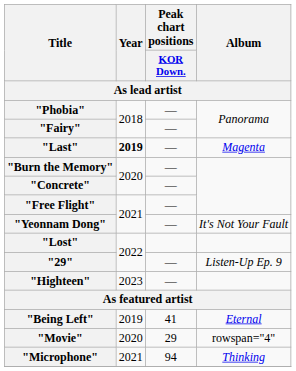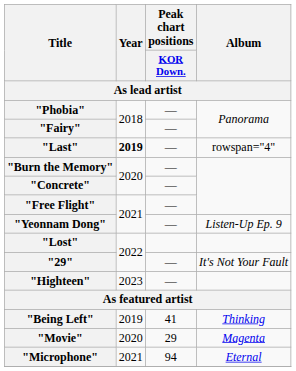 <table class="wikitable plainrowheaders" style="text-align:center">
 <tr>
 <th scope="col" rowspan="2">Title</th>
 <th scope="col" rowspan="2">Year</th>
 <th scope="col">Peak chart positions</th>
 <th scope="col" rowspan="2">Album</th>
 </tr>
 <tr>
 <th scope="col" style="font-size:90%; width:2.5em"><a href='#'>KOR<br>Down.</a><br></th>
 </tr>
 <tr>
 <th scope="col" colspan="4">As lead artist</th>
 </tr>
 <tr>
 <th scope="row">"Phobia"</th>
 <td rowspan="2">2018</td>
 <td>—</td>
 <td rowspan="2"><em>Panorama</em></td>
 </tr>
 <tr>
 <th scope="row">"Fairy"</th>
 <td>—</td>
 </tr>
 <tr>
 <th scope="row">"Last"</th>
 <td><strong>2019</strong></td>
 <td>—</td>
-<td><em><a href='#'>Magenta</a></em></td>
+<td>rowspan="4" </td>
 </tr>
 <tr>
 <th scope="row">"Burn the Memory" </th>
 <td rowspan="2">2020</td>
 <td>—</td>
 </tr>
 <tr>
 <th scope="row">"Concrete" </th>
 <td>—</td>
 </tr>
 <tr>
 <th scope="row">"Free Flight"</th>
 <td rowspan="2">2021</td>
 <td>—</td>
 </tr>
 <tr>
 <th scope="row">"Yeonnam Dong" </th>
 <td>—</td>
-<td><em>It's Not Your Fault</em></td>
+<td><em>Listen-Up Ep. 9</em></td>
 </tr>
 <tr>
 <th scope="row">"Lost"</th>
 <td rowspan="2">2022</td>
 <td></td>
 <td></td>
 </tr>
 <tr>
 <th scope="row">"29" </th>
 <td>—</td>
-<td><em>Listen-Up Ep. 9</em></td>
+<td><em>It's Not Your Fault</em></td>
 </tr>
 <tr>
 <th scope="row">"Highteen"</th>
 <td>2023</td>
 <td>—</td>
 <td></td>
 </tr>
 <tr>
 <th scope="col" colspan="4">As featured artist</th>
 </tr>
 <tr>
 <th scope="row">"Being Left" </th>
 <td>2019</td>
 <td>41</td>
-<td><em><a href='#'>Eternal</a></em></td>
+<td><em><a href='#'>Thinking</a></em></td>
 </tr>
 <tr>
 <th scope="row">"Movie" </th>
 <td>2020</td>
 <td>29</td>
-<td>rowspan="4" </td>
+<td><em><a href='#'>Magenta</a></em></td>
 </tr>
 <tr>
 <th scope="row">"Microphone" </th>
 <td>2021</td>
 <td>94</td>
-<td><em><a href='#'>Thinking</a></em></td>
+<td><em><a href='#'>Eternal</a></em></td>
 </tr>
 <tr>
 </tr>
 </table>
